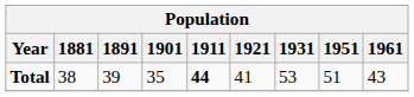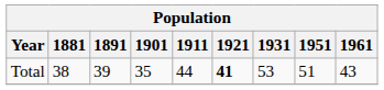 <table class="wikitable" style="margin: 1em auto 1em auto;">
 <tr>
 <th colspan="11">Population </th>
 </tr>
 <tr>
 <th>Year</th>
 <th>1881</th>
 <th>1891</th>
 <th>1901</th>
 <th>1911</th>
 <th>1921</th>
 <th>1931</th>
 <th>1951</th>
 <th>1961</th>
 </tr>
 <tr>
-<td><strong>Total</strong></td>
+<td>Total</td>
 <td>38</td>
 <td>39</td>
 <td>35</td>
-<td><strong>44</strong></td>
-<td>41</td>
+<td>44</td>
+<td><strong>41</strong></td>
 <td>53</td>
 <td>51</td>
 <td>43</td>
 </tr>
 <tr>
 </tr>
 </table>
